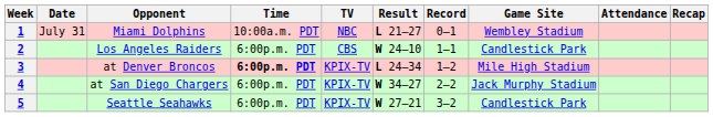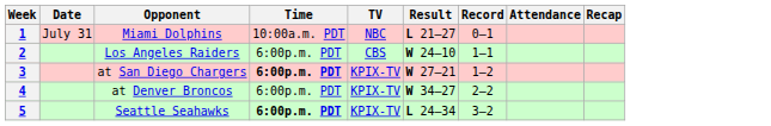 <table class="wikitable" style="text-align:center">
 <tr>
 <th>Week</th>
 <th>Date</th>
 <th>Opponent</th>
 <th>Time</th>
 <th>TV</th>
 <th>Result</th>
 <th>Record</th>
-<th>Game Site</th>
 <th>Attendance</th>
 <th>Recap</th>
 </tr>
 <tr style="background:#fcc">
 <th><a href='#'>1</a></th>
 <td>July 31</td>
 <td><a href='#'>Miami Dolphins</a></td>
 <td>10:00a.m. <a href='#'>PDT</a></td>
 <td><a href='#'>NBC</a></td>
 <td><strong>L</strong> 21–27</td>
 <td>0–1</td>
-<td> <a href='#'>Wembley Stadium</a> </td>
 <td></td>
 <td></td>
 </tr>
 <tr style="background:#cfc">
 <th><a href='#'>2</a></th>
 <td></td>
 <td><a href='#'>Los Angeles Raiders</a></td>
 <td>6:00p.m. <a href='#'>PDT</a></td>
 <td><a href='#'>CBS</a></td>
 <td><strong>W</strong> 24–10</td>
 <td>1–1</td>
-<td><a href='#'>Candlestick Park</a></td>
 <td></td>
 <td></td>
 </tr>
 <tr style="background:#fcc">
 <th><a href='#'>3</a></th>
 <td></td>
-<td>at <a href='#'>Denver Broncos</a></td>
+<td>at <a href='#'>San Diego Chargers</a></td>
 <td><strong>6:00p.m. <a href='#'>PDT</a></strong></td>
 <td><a href='#'>KPIX-TV</a></td>
-<td><strong>L</strong> 24–34</td>
+<td><strong>W</strong> 27–21</td>
 <td>1–2</td>
-<td><a href='#'>Mile High Stadium</a></td>
 <td></td>
 <td></td>
 </tr>
 <tr style="background:#cfc">
 <th><a href='#'>4</a></th>
 <td></td>
-<td>at <a href='#'>San Diego Chargers</a></td>
+<td>at <a href='#'>Denver Broncos</a></td>
 <td>6:00p.m. <a href='#'>PDT</a></td>
 <td><a href='#'>KPIX-TV</a></td>
 <td><strong>W</strong> 34–27</td>
 <td>2–2</td>
-<td><a href='#'>Jack Murphy Stadium</a></td>
 <td></td>
 <td></td>
 </tr>
 <tr style="background:#cfc">
 <th><a href='#'>5</a></th>
 <td></td>
 <td><a href='#'>Seattle Seahawks</a></td>
-<td>6:00p.m. <a href='#'>PDT</a></td>
+<td><strong>6:00p.m. <a href='#'>PDT</a></strong></td>
 <td><a href='#'>KPIX-TV</a></td>
-<td><strong>W</strong> 27–21</td>
+<td><strong>L</strong> 24–34</td>
 <td>3–2</td>
-<td><a href='#'>Candlestick Park</a></td>
 <td></td>
 <td></td>
 </tr>
 </table>
